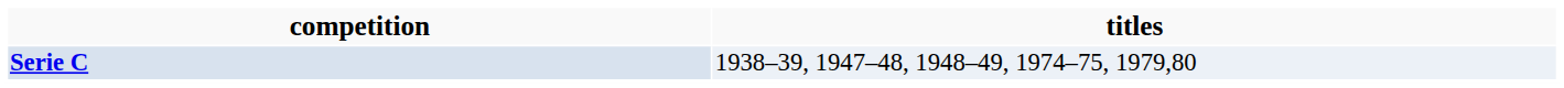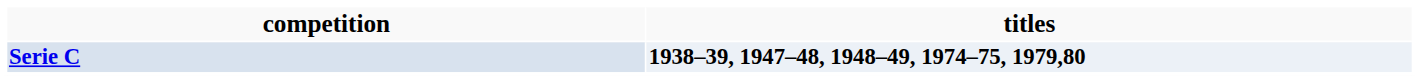 <table style="background: #f9f9f9; border: 2px #aaa solid; border-collapse: collapse; border-color: white; color:black; font-size: 95%;" width="850" cellspacing="0" border="1">
 <tr>
 <th width="250">competition</th>
 <th width="300">titles</th>
 </tr>
 <tr style="font-size: 90%;">
 <td bgcolor="#d8e2ee"><strong><a href='#'>Serie C</a></strong></td>
-<td bgcolor="#ecf1f7">1938–39, 1947–48, 1948–49, 1974–75, 1979,80</td>
+<td bgcolor="#ecf1f7"><strong>1938–39, 1947–48, 1948–49, 1974–75, 1979,80</strong></td>
 </tr>
 </table>
